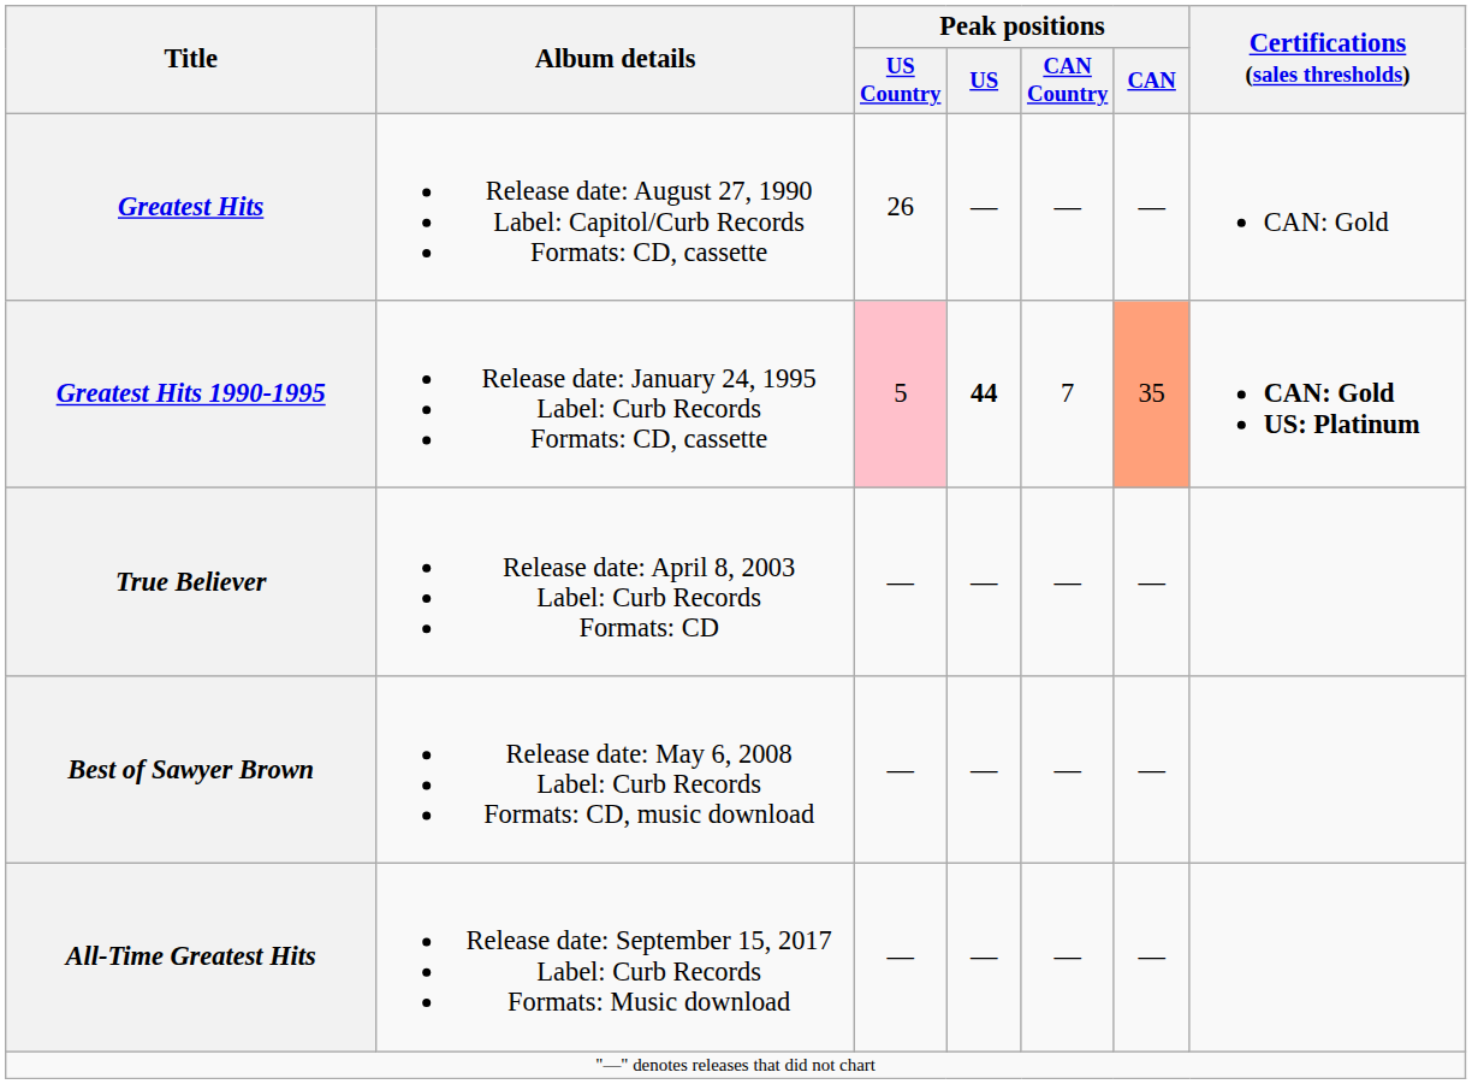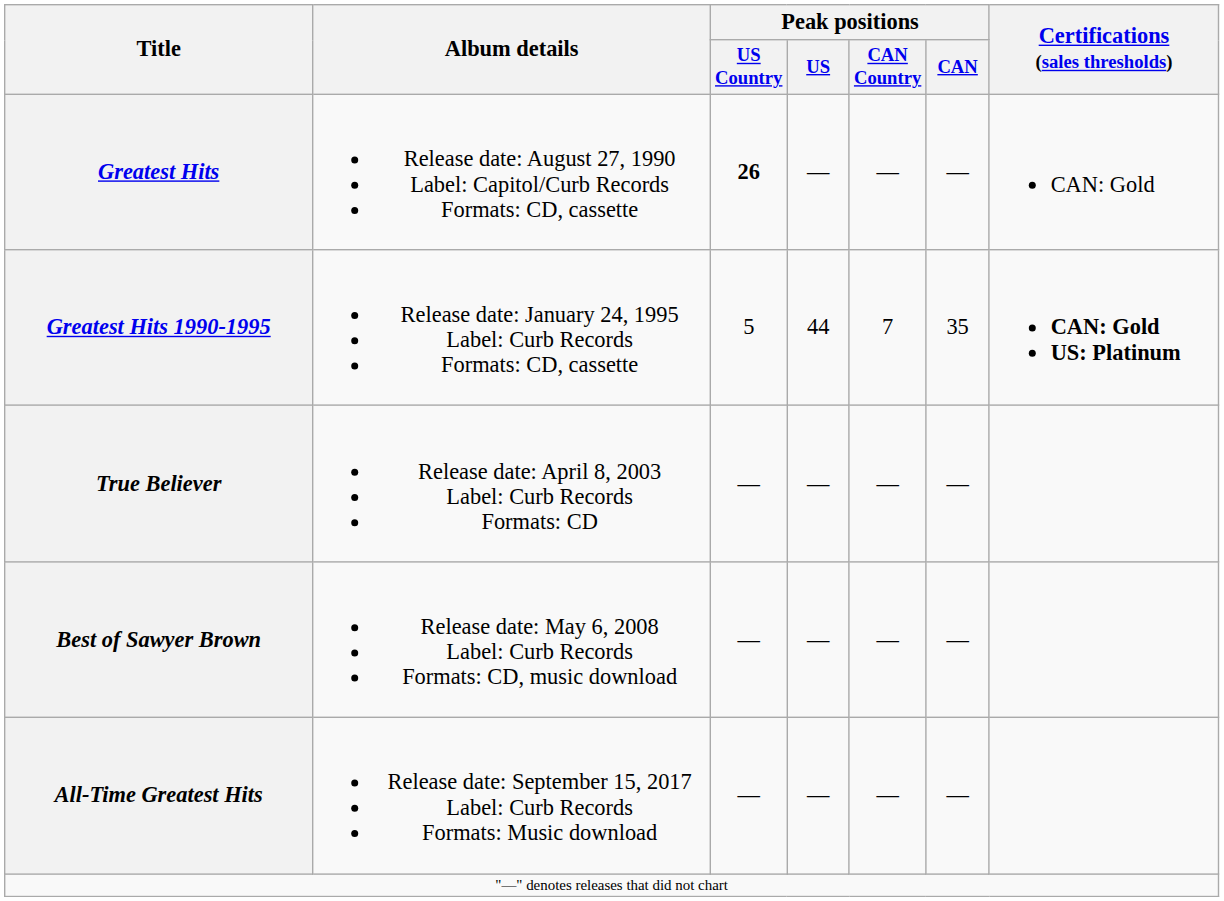 <table class="wikitable plainrowheaders" style="text-align:center;">
 <tr>
 <th rowspan="2" style="width:14em;">Title</th>
 <th rowspan="2" style="width:18em;">Album details</th>
 <th colspan="4">Peak positions</th>
 <th rowspan="2" style="width:10em;"><a href='#'>Certifications</a><br><small>(<a href='#'>sales thresholds</a>)</small></th>
 </tr>
 <tr style="font-size:smaller;">
 <th width="40"><a href='#'>US Country</a><br></th>
 <th width="40"><a href='#'>US</a><br></th>
 <th width="40"><a href='#'>CAN Country</a><br></th>
 <th width="40"><a href='#'>CAN</a><br></th>
 </tr>
 <tr>
 <th scope="row"><em><a href='#'>Greatest Hits</a></em></th>
 <td><br><ul><li>Release date: August 27, 1990</li><li>Label: Capitol/Curb Records</li><li>Formats: CD, cassette</li></ul></td>
-<td>26</td>
+<td><strong>26</strong></td>
 <td>—</td>
 <td>—</td>
 <td>—</td>
 <td align="left"><br><ul><li>CAN: Gold</li></ul></td>
 </tr>
 <tr>
 <th scope="row"><em><a href='#'>Greatest Hits 1990-1995</a></em></th>
 <td><br><ul><li>Release date: January 24, 1995</li><li>Label: Curb Records</li><li>Formats: CD, cassette</li></ul></td>
-<td style="background: pink;">5</td>
-<td><strong>44</strong></td>
+<td>5</td>
+<td>44</td>
 <td>7</td>
-<td style="background: lightsalmon;">35</td>
+<td>35</td>
 <td align="left"><strong><br><ul><li>CAN: Gold</li><li>US: Platinum</li></ul></strong></td>
 </tr>
 <tr>
 <th scope="row"><em>True Believer</em></th>
 <td><br><ul><li>Release date: April 8, 2003</li><li>Label: Curb Records</li><li>Formats: CD</li></ul></td>
 <td>—</td>
 <td>—</td>
 <td>—</td>
 <td>—</td>
 <td></td>
 </tr>
 <tr>
 <th scope="row"><em>Best of Sawyer Brown</em></th>
 <td><br><ul><li>Release date: May 6, 2008</li><li>Label: Curb Records</li><li>Formats: CD, music download</li></ul></td>
 <td>—</td>
 <td>—</td>
 <td>—</td>
 <td>—</td>
 <td></td>
 </tr>
 <tr>
 <th scope="row"><em>All-Time Greatest Hits</em></th>
 <td><br><ul><li>Release date: September 15, 2017</li><li>Label: Curb Records</li><li>Formats: Music download</li></ul></td>
 <td>—</td>
 <td>—</td>
 <td>—</td>
 <td>—</td>
 <td></td>
 </tr>
 <tr>
 <td colspan="7" style="font-size:8pt">"—" denotes releases that did not chart</td>
 </tr>
 </table>
